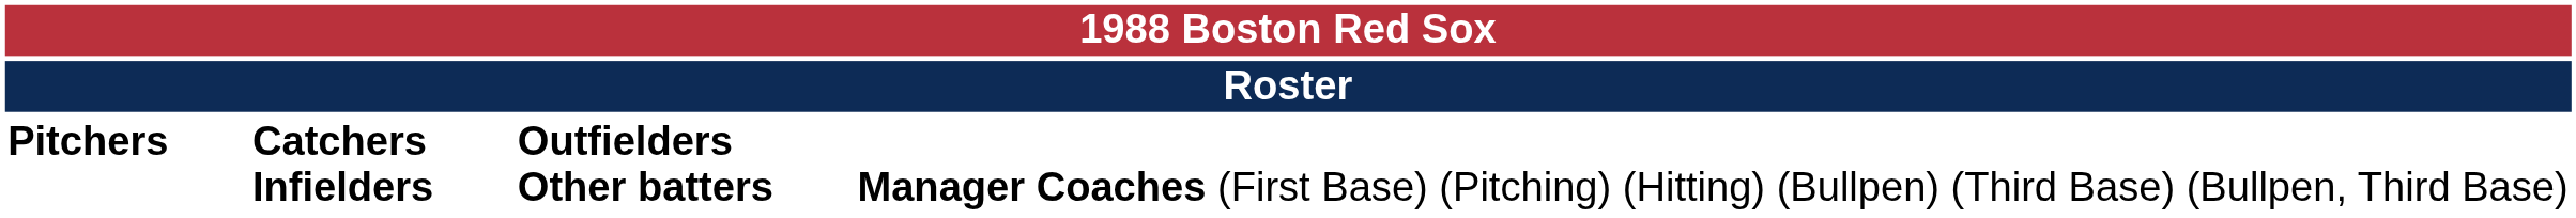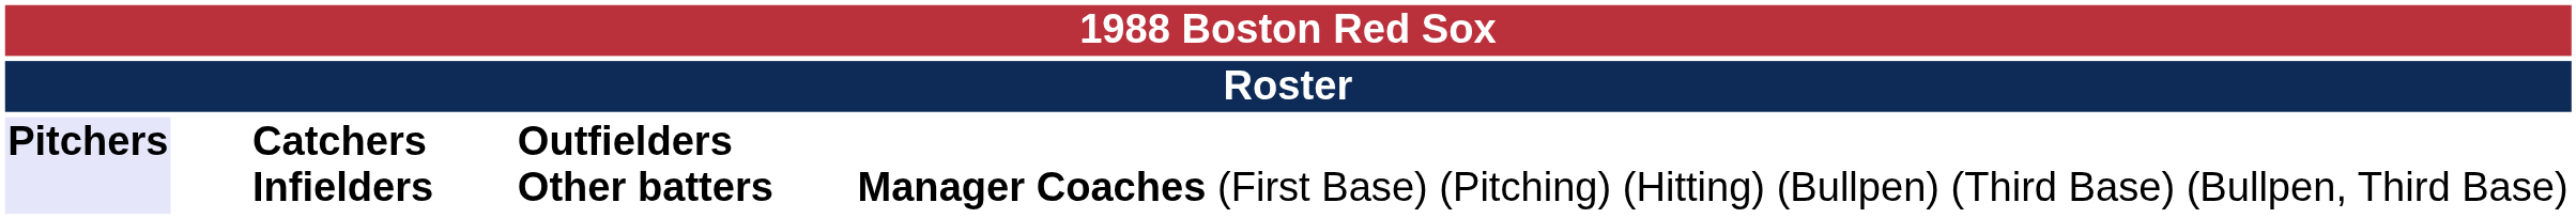 <table class="toccolours" style="text-align: left;">
 <tr>
 <th colspan="10" style="background-color: #ba313c; color: #FFFFFF; text-align: center;">1988 Boston Red Sox</th>
 </tr>
 <tr>
 <td colspan="10" style="background-color:#0d2b56; color: white; text-align: center;"><strong>Roster</strong></td>
 </tr>
 <tr>
-<td valign="top"><strong>Pitchers</strong><br>         	       </td>
+<td valign="top" style="background: lavender;"><strong>Pitchers</strong><br>         	       </td>
 <td width="25px"></td>
 <td valign="top"><strong>Catchers</strong><br>   <strong>Infielders</strong>        </td>
 <td width="25px"></td>
 <td valign="top"><strong>Outfielders</strong><br>        <strong>Other batters</strong> </td>
 <td width="25px"></td>
 <td valign="top"><br><strong>Manager</strong>   <strong>Coaches</strong>  (First Base)  (Pitching)  (Hitting)  (Bullpen)  (Third Base)  (Bullpen, Third Base)</td>
 </tr>
 <tr>
 </tr>
 </table>
